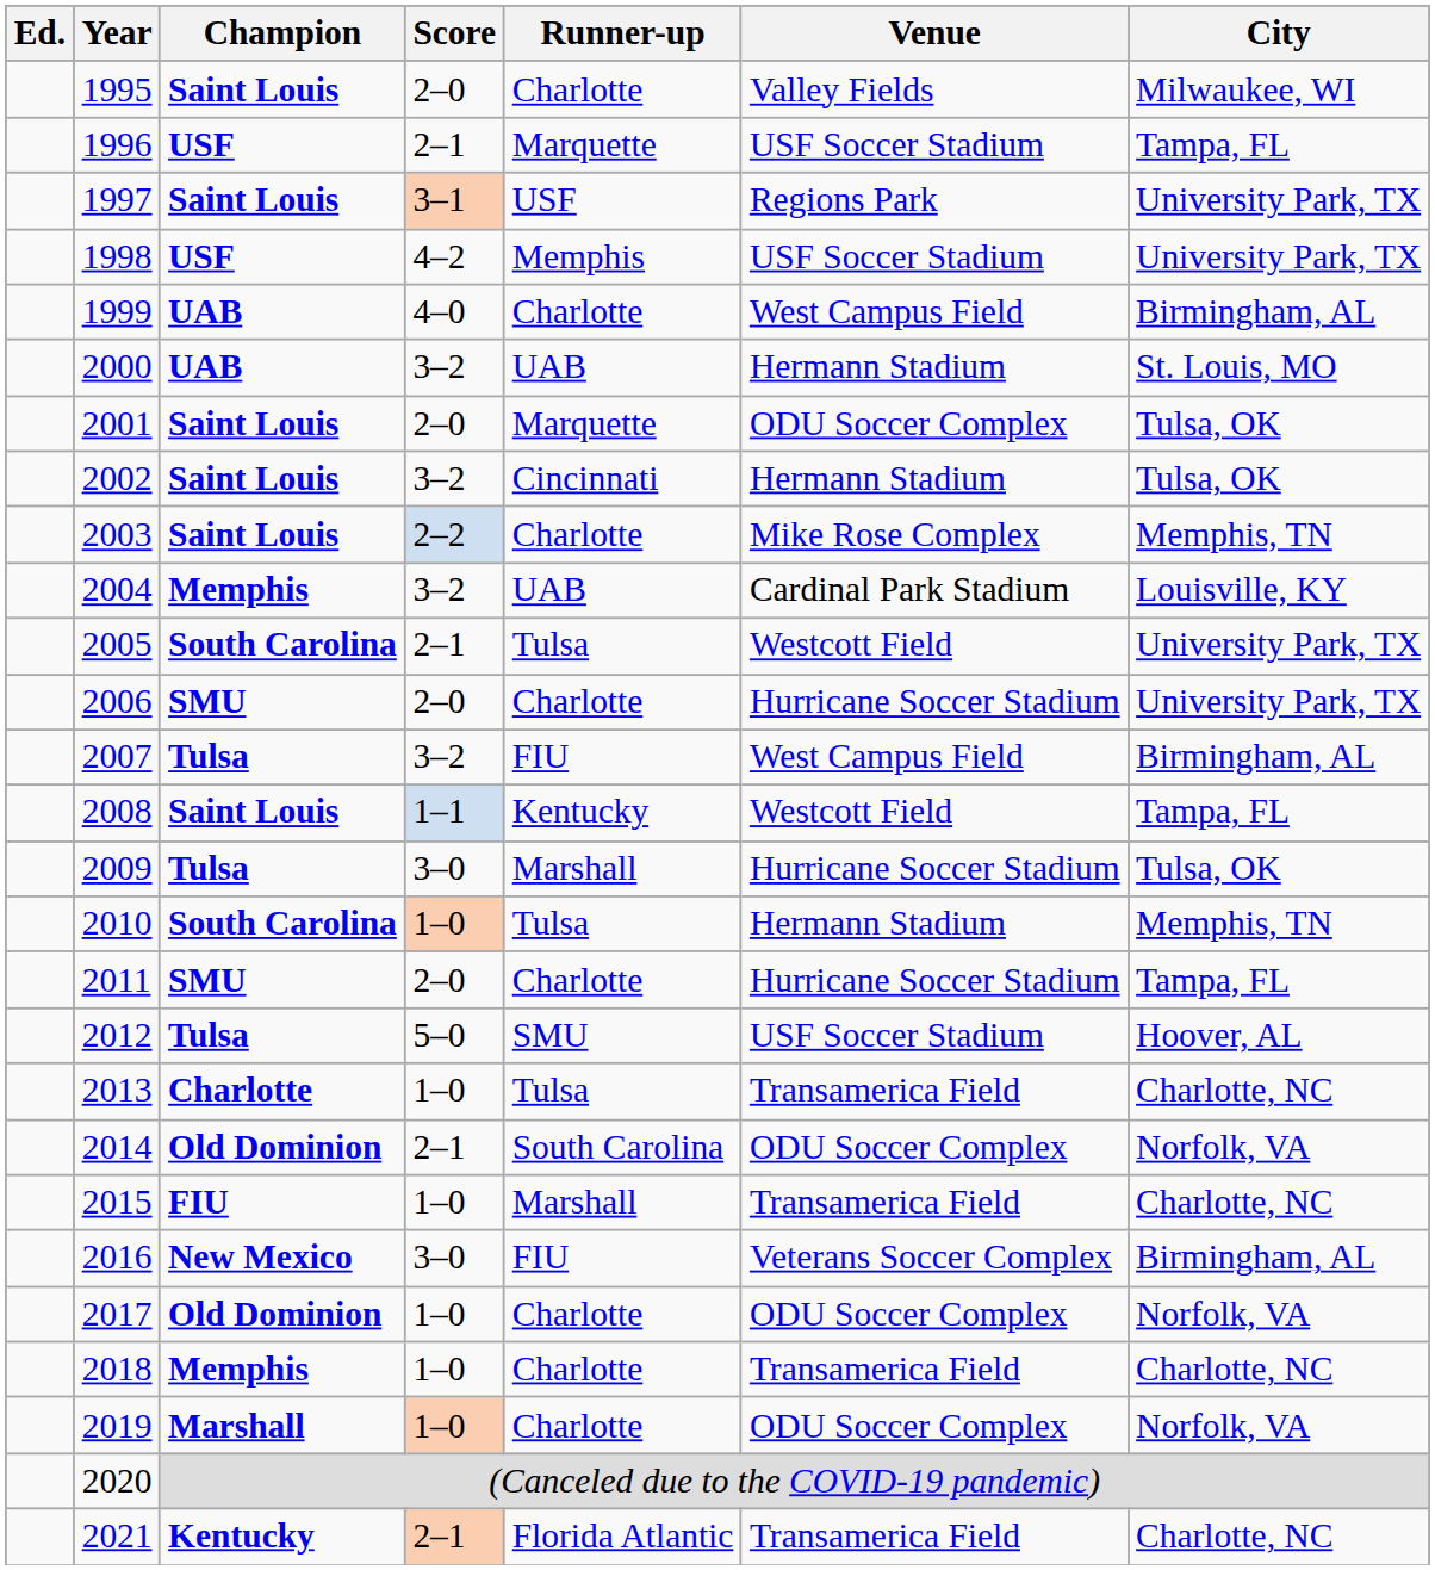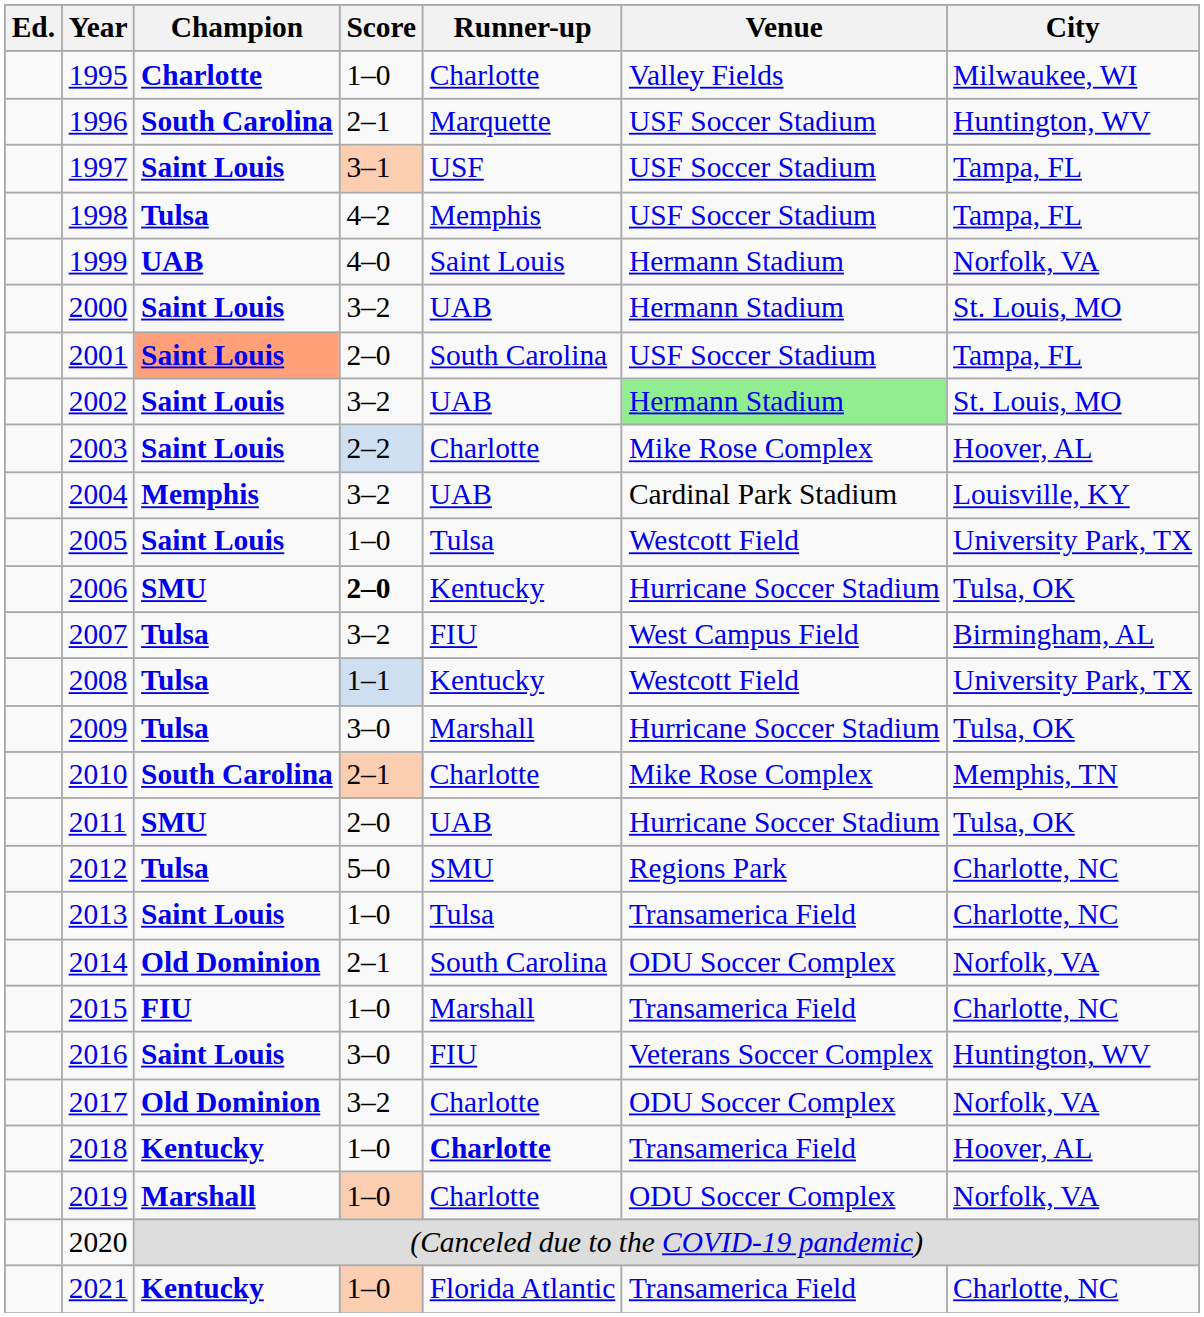 <table class="wikitable sortable">
 <tr>
 <th width=px>Ed.</th>
 <th width=px>Year</th>
 <th width=px>Champion</th>
 <th width=px>Score</th>
 <th width=px>Runner-up</th>
 <th width=px>Venue</th>
 <th width=px>City</th>
 </tr>
 <tr>
 <td></td>
 <td><a href='#'>1995</a></td>
-<td><strong><a href='#'>Saint Louis</a></strong></td>
-<td>2–0</td>
+<td><strong><a href='#'>Charlotte</a></strong></td>
+<td>1–0</td>
 <td><a href='#'>Charlotte</a></td>
 <td><a href='#'>Valley Fields</a></td>
 <td><a href='#'>Milwaukee, WI</a></td>
 </tr>
 <tr>
 <td></td>
 <td><a href='#'>1996</a></td>
-<td><strong><a href='#'>USF</a></strong></td>
+<td><strong><a href='#'>South Carolina</a></strong></td>
 <td>2–1</td>
 <td><a href='#'>Marquette</a></td>
 <td><a href='#'>USF Soccer Stadium</a></td>
-<td><a href='#'>Tampa, FL</a></td>
+<td><a href='#'>Huntington, WV</a></td>
 </tr>
 <tr>
 <td></td>
 <td><a href='#'>1997</a></td>
 <td><strong><a href='#'>Saint Louis</a></strong></td>
 <td bgcolor= #FBCEB1>3–1 </td>
 <td><a href='#'>USF</a></td>
-<td><a href='#'>Regions Park</a></td>
-<td><a href='#'>University Park, TX</a></td>
+<td><a href='#'>USF Soccer Stadium</a></td>
+<td><a href='#'>Tampa, FL</a></td>
 </tr>
 <tr>
 <td></td>
 <td><a href='#'>1998</a></td>
-<td><strong><a href='#'>USF</a></strong></td>
+<td><strong><a href='#'>Tulsa</a></strong></td>
 <td>4–2</td>
 <td><a href='#'>Memphis</a></td>
 <td><a href='#'>USF Soccer Stadium</a></td>
-<td><a href='#'>University Park, TX</a></td>
+<td><a href='#'>Tampa, FL</a></td>
 </tr>
 <tr>
 <td></td>
 <td><a href='#'>1999</a></td>
 <td><strong><a href='#'>UAB</a></strong></td>
 <td>4–0</td>
-<td><a href='#'>Charlotte</a></td>
-<td><a href='#'>West Campus Field</a></td>
-<td><a href='#'>Birmingham, AL</a></td>
+<td><a href='#'>Saint Louis</a></td>
+<td><a href='#'>Hermann Stadium</a></td>
+<td><a href='#'>Norfolk, VA</a></td>
 </tr>
 <tr>
 <td></td>
 <td><a href='#'>2000</a></td>
-<td><strong><a href='#'>UAB</a></strong></td>
+<td><strong><a href='#'>Saint Louis</a></strong></td>
 <td>3–2</td>
 <td><a href='#'>UAB</a></td>
 <td><a href='#'>Hermann Stadium</a></td>
 <td><a href='#'>St. Louis, MO</a></td>
 </tr>
 <tr>
 <td></td>
 <td><a href='#'>2001</a></td>
-<td><strong><a href='#'>Saint Louis</a></strong></td>
+<td style="background: lightsalmon;"><strong><a href='#'>Saint Louis</a></strong></td>
 <td>2–0</td>
-<td><a href='#'>Marquette</a></td>
-<td><a href='#'>ODU Soccer Complex</a></td>
-<td><a href='#'>Tulsa, OK</a></td>
+<td><a href='#'>South Carolina</a></td>
+<td><a href='#'>USF Soccer Stadium</a></td>
+<td><a href='#'>Tampa, FL</a></td>
 </tr>
 <tr>
 <td></td>
 <td><a href='#'>2002</a></td>
 <td><strong><a href='#'>Saint Louis</a></strong></td>
 <td>3–2</td>
-<td><a href='#'>Cincinnati</a></td>
-<td><a href='#'>Hermann Stadium</a></td>
-<td><a href='#'>Tulsa, OK</a></td>
+<td><a href='#'>UAB</a></td>
+<td style="background: lightgreen;"><a href='#'>Hermann Stadium</a></td>
+<td><a href='#'>St. Louis, MO</a></td>
 </tr>
 <tr>
 <td></td>
 <td><a href='#'>2003</a></td>
 <td><strong><a href='#'>Saint Louis</a></strong></td>
 <td bgcolor=#cedff2>2–2 </td>
 <td><a href='#'>Charlotte</a></td>
 <td><a href='#'>Mike Rose Complex</a></td>
-<td><a href='#'>Memphis, TN</a></td>
+<td><a href='#'>Hoover, AL</a></td>
 </tr>
 <tr>
 <td></td>
 <td><a href='#'>2004</a></td>
 <td><strong><a href='#'>Memphis</a></strong></td>
 <td>3–2</td>
 <td><a href='#'>UAB</a></td>
 <td>Cardinal Park Stadium</td>
 <td><a href='#'>Louisville, KY</a></td>
 </tr>
 <tr>
 <td></td>
 <td><a href='#'>2005</a></td>
-<td><strong><a href='#'>South Carolina</a></strong></td>
-<td>2–1</td>
+<td><strong><a href='#'>Saint Louis</a></strong></td>
+<td>1–0</td>
 <td><a href='#'>Tulsa</a></td>
 <td><a href='#'>Westcott Field</a></td>
 <td><a href='#'>University Park, TX</a></td>
 </tr>
 <tr>
 <td></td>
 <td><a href='#'>2006</a></td>
 <td><strong><a href='#'>SMU</a></strong></td>
-<td>2–0</td>
-<td><a href='#'>Charlotte</a></td>
+<td><strong>2–0</strong></td>
+<td><a href='#'>Kentucky</a></td>
 <td><a href='#'>Hurricane Soccer Stadium</a></td>
-<td><a href='#'>University Park, TX</a></td>
+<td><a href='#'>Tulsa, OK</a></td>
 </tr>
 <tr>
 <td></td>
 <td><a href='#'>2007</a></td>
 <td><strong><a href='#'>Tulsa</a></strong></td>
 <td>3–2</td>
 <td><a href='#'>FIU</a></td>
 <td><a href='#'>West Campus Field</a></td>
 <td><a href='#'>Birmingham, AL</a></td>
 </tr>
 <tr>
 <td></td>
 <td><a href='#'>2008</a></td>
-<td><strong><a href='#'>Saint Louis</a></strong></td>
+<td><strong><a href='#'>Tulsa</a></strong></td>
 <td bgcolor=#cedff2>1–1 </td>
 <td><a href='#'>Kentucky</a></td>
 <td><a href='#'>Westcott Field</a></td>
-<td><a href='#'>Tampa, FL</a></td>
+<td><a href='#'>University Park, TX</a></td>
 </tr>
 <tr>
 <td></td>
 <td><a href='#'>2009</a></td>
 <td><strong><a href='#'>Tulsa</a></strong></td>
 <td>3–0</td>
 <td><a href='#'>Marshall</a></td>
 <td><a href='#'>Hurricane Soccer Stadium</a></td>
 <td><a href='#'>Tulsa, OK</a></td>
 </tr>
 <tr>
 <td></td>
 <td><a href='#'>2010</a></td>
 <td><strong><a href='#'>South Carolina</a></strong></td>
-<td bgcolor= #FBCEB1>1–0 </td>
-<td><a href='#'>Tulsa</a></td>
-<td><a href='#'>Hermann Stadium</a></td>
+<td bgcolor= #FBCEB1>2–1 </td>
+<td><a href='#'>Charlotte</a></td>
+<td><a href='#'>Mike Rose Complex</a></td>
 <td><a href='#'>Memphis, TN</a></td>
 </tr>
 <tr>
 <td></td>
 <td><a href='#'>2011</a></td>
 <td><strong><a href='#'>SMU</a> </strong></td>
 <td>2–0</td>
-<td><a href='#'>Charlotte</a></td>
+<td><a href='#'>UAB</a></td>
 <td><a href='#'>Hurricane Soccer Stadium</a></td>
-<td><a href='#'>Tampa, FL</a></td>
+<td><a href='#'>Tulsa, OK</a></td>
 </tr>
 <tr>
 <td></td>
 <td><a href='#'>2012</a></td>
 <td><strong><a href='#'>Tulsa</a></strong></td>
 <td>5–0</td>
 <td><a href='#'>SMU</a></td>
-<td><a href='#'>USF Soccer Stadium</a></td>
-<td><a href='#'>Hoover, AL</a></td>
+<td><a href='#'>Regions Park</a></td>
+<td><a href='#'>Charlotte, NC</a></td>
 </tr>
 <tr>
 <td></td>
 <td><a href='#'>2013</a></td>
-<td><strong><a href='#'>Charlotte</a></strong></td>
+<td><strong><a href='#'>Saint Louis</a></strong></td>
 <td>1–0</td>
 <td><a href='#'>Tulsa</a></td>
 <td><a href='#'>Transamerica Field</a></td>
 <td><a href='#'>Charlotte, NC</a></td>
 </tr>
 <tr>
 <td></td>
 <td><a href='#'>2014</a></td>
 <td><strong><a href='#'>Old Dominion</a></strong></td>
 <td>2–1</td>
 <td><a href='#'>South Carolina</a></td>
 <td><a href='#'>ODU Soccer Complex</a></td>
 <td><a href='#'>Norfolk, VA</a></td>
 </tr>
 <tr>
 <td></td>
 <td><a href='#'>2015</a></td>
 <td><strong><a href='#'>FIU</a></strong></td>
 <td>1–0</td>
 <td><a href='#'>Marshall</a></td>
 <td><a href='#'>Transamerica Field</a></td>
 <td><a href='#'>Charlotte, NC</a></td>
 </tr>
 <tr>
 <td></td>
 <td><a href='#'>2016</a></td>
-<td><strong><a href='#'>New Mexico</a></strong></td>
+<td><strong><a href='#'>Saint Louis</a></strong></td>
 <td>3–0</td>
 <td><a href='#'>FIU</a></td>
 <td><a href='#'>Veterans Soccer Complex</a></td>
-<td><a href='#'>Birmingham, AL</a></td>
+<td><a href='#'>Huntington, WV</a></td>
 </tr>
 <tr>
 <td></td>
 <td><a href='#'>2017</a></td>
 <td><strong><a href='#'>Old Dominion</a></strong></td>
-<td>1–0</td>
+<td>3–2</td>
 <td><a href='#'>Charlotte</a></td>
 <td><a href='#'>ODU Soccer Complex</a></td>
 <td><a href='#'>Norfolk, VA</a></td>
 </tr>
 <tr>
 <td></td>
 <td><a href='#'>2018</a></td>
-<td><strong><a href='#'>Memphis</a></strong></td>
+<td><strong><a href='#'>Kentucky</a></strong></td>
 <td>1–0</td>
-<td><a href='#'>Charlotte</a></td>
+<td><strong><a href='#'>Charlotte</a></strong></td>
 <td><a href='#'>Transamerica Field</a></td>
-<td><a href='#'>Charlotte, NC</a></td>
+<td><a href='#'>Hoover, AL</a></td>
 </tr>
 <tr>
 <td></td>
 <td><a href='#'>2019</a></td>
 <td><strong><a href='#'>Marshall</a></strong></td>
 <td bgcolor= #FBCEB1>1–0 </td>
 <td><a href='#'>Charlotte</a></td>
 <td><a href='#'>ODU Soccer Complex</a></td>
 <td><a href='#'>Norfolk, VA</a></td>
 </tr>
 <tr>
 <td></td>
 <td>2020</td>
 <td colspan="5" align=center style=background:#dddddd><em>(Canceled due to the <a href='#'>COVID-19 pandemic</a>)</em></td>
 </tr>
 <tr>
 <td></td>
 <td><a href='#'>2021</a></td>
 <td><strong><a href='#'>Kentucky</a></strong></td>
-<td bgcolor= #FBCEB1>2–1 </td>
+<td bgcolor= #FBCEB1>1–0 </td>
 <td><a href='#'>Florida Atlantic</a></td>
 <td><a href='#'>Transamerica Field</a></td>
 <td><a href='#'>Charlotte, NC</a></td>
 </tr>
 </table>
